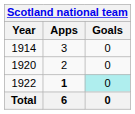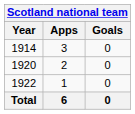 <table class="wikitable" style="text-align:center">
 <tr>
 <th colspan=3><a href='#'>Scotland national team</a></th>
 </tr>
 <tr>
 <th>Year</th>
 <th>Apps</th>
 <th>Goals</th>
 </tr>
 <tr>
 <td>1914</td>
 <td>3</td>
 <td>0</td>
 </tr>
 <tr>
 <td>1920</td>
 <td>2</td>
 <td>0</td>
 </tr>
 <tr>
 <td>1922</td>
-<td><strong>1</strong></td>
-<td style="background: paleturquoise;">0</td>
+<td>1</td>
+<td>0</td>
 </tr>
 <tr>
 <th>Total</th>
 <th>6</th>
 <th>0</th>
 </tr>
 </table>
